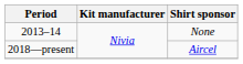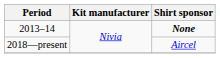 <table class="wikitable" style="text-align:center;margin-left:1em;float:center">
 <tr>
 <th>Period</th>
 <th>Kit manufacturer</th>
 <th>Shirt sponsor</th>
 </tr>
 <tr>
 <td>2013–14</td>
 <td rowspan=2><em><a href='#'>Nivia</a></em></td>
-<td><em>None</em></td>
+<td><strong><em>None</em></strong></td>
 </tr>
 <tr>
 <td>2018—present</td>
 <td><em><a href='#'>Aircel</a></em></td>
 </tr>
 <tr>
 </tr>
 </table>
